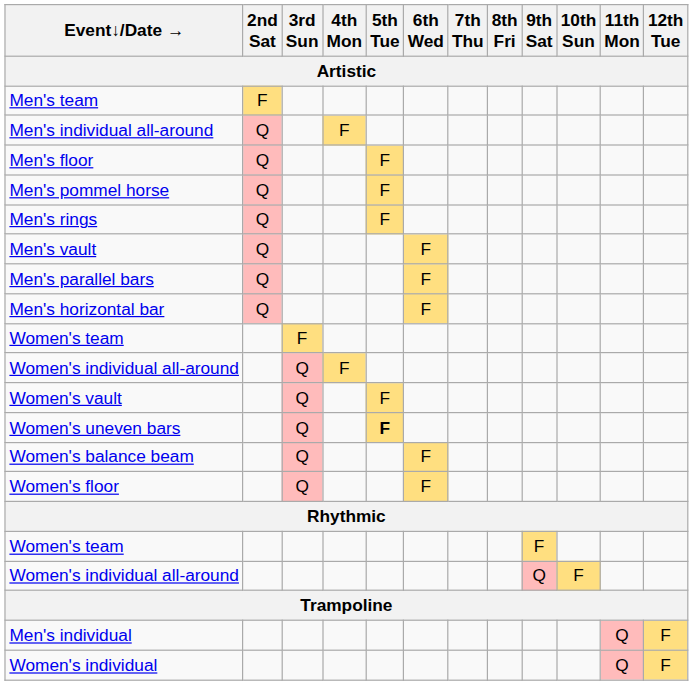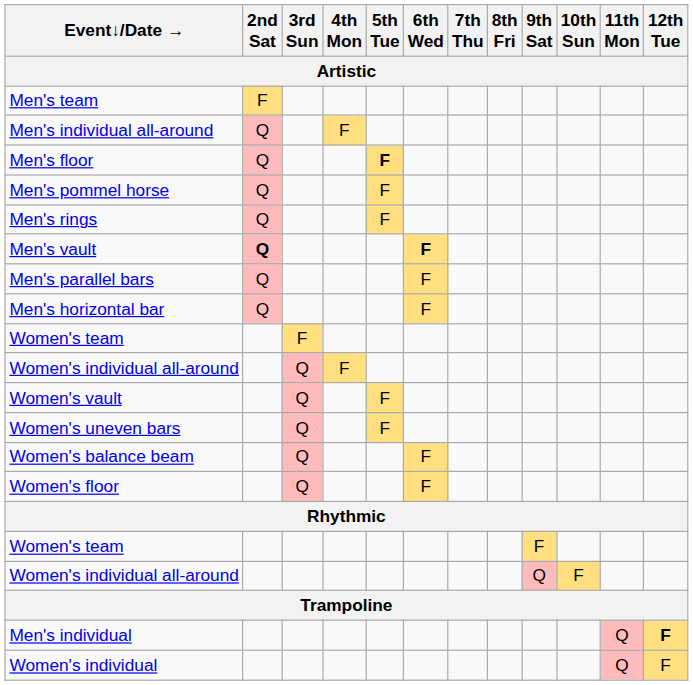 <table class="wikitable" style="margin:0.5em auto; font-size:90%; line-height:1.25em; text-align:center;">
 <tr>
 <th>Event↓/Date →</th>
 <th>2nd<br>Sat</th>
 <th>3rd<br>Sun</th>
 <th>4th<br>Mon</th>
 <th>5th<br>Tue</th>
 <th>6th<br>Wed</th>
 <th>7th<br>Thu</th>
 <th>8th<br>Fri</th>
 <th>9th<br>Sat</th>
 <th>10th<br>Sun</th>
 <th>11th<br>Mon</th>
 <th>12th<br>Tue</th>
 </tr>
 <tr>
 <th colspan=12>Artistic</th>
 </tr>
 <tr>
 <td align="left"><a href='#'>Men's team</a></td>
 <td bgcolor="#FFDF80">F</td>
 <td></td>
 <td></td>
 <td></td>
 <td></td>
 <td></td>
 <td></td>
 <td></td>
 <td></td>
 <td></td>
 <td></td>
 </tr>
 <tr>
 <td align="left"><a href='#'>Men's individual all-around</a></td>
 <td bgcolor="#FFBBBB">Q</td>
 <td></td>
 <td bgcolor="#FFDF80">F</td>
 <td></td>
 <td></td>
 <td></td>
 <td></td>
 <td></td>
 <td></td>
 <td></td>
 <td></td>
 </tr>
 <tr>
 <td align="left"><a href='#'>Men's floor</a></td>
 <td bgcolor="#FFBBBB">Q</td>
 <td></td>
 <td></td>
-<td bgcolor="#FFDF80">F</td>
+<td bgcolor="#FFDF80"><strong>F</strong></td>
 <td></td>
 <td></td>
 <td></td>
 <td></td>
 <td></td>
 <td></td>
 <td></td>
 </tr>
 <tr>
 <td align="left"><a href='#'>Men's pommel horse</a></td>
 <td bgcolor="#FFBBBB">Q</td>
 <td></td>
 <td></td>
 <td bgcolor="#FFDF80">F</td>
 <td></td>
 <td></td>
 <td></td>
 <td></td>
 <td></td>
 <td></td>
 <td></td>
 </tr>
 <tr>
 <td align="left"><a href='#'>Men's rings</a></td>
 <td bgcolor="#FFBBBB">Q</td>
 <td></td>
 <td></td>
 <td bgcolor="#FFDF80">F</td>
 <td></td>
 <td></td>
 <td></td>
 <td></td>
 <td></td>
 <td></td>
 <td></td>
 </tr>
 <tr>
 <td align="left"><a href='#'>Men's vault</a></td>
-<td bgcolor="#FFBBBB">Q</td>
+<td bgcolor="#FFBBBB"><strong>Q</strong></td>
 <td></td>
 <td></td>
 <td></td>
-<td bgcolor="#FFDF80">F</td>
+<td bgcolor="#FFDF80"><strong>F</strong></td>
 <td></td>
 <td></td>
 <td></td>
 <td></td>
 <td></td>
 <td></td>
 </tr>
 <tr>
 <td align="left"><a href='#'>Men's parallel bars</a></td>
 <td bgcolor="#FFBBBB">Q</td>
 <td></td>
 <td></td>
 <td></td>
 <td bgcolor="#FFDF80">F</td>
 <td></td>
 <td></td>
 <td></td>
 <td></td>
 <td></td>
 <td></td>
 </tr>
 <tr>
 <td align="left"><a href='#'>Men's horizontal bar</a></td>
 <td bgcolor="#FFBBBB">Q</td>
 <td></td>
 <td></td>
 <td></td>
 <td bgcolor="#FFDF80">F</td>
 <td></td>
 <td></td>
 <td></td>
 <td></td>
 <td></td>
 <td></td>
 </tr>
 <tr>
 <td align="left"><a href='#'>Women's team</a></td>
 <td></td>
 <td bgcolor="#FFDF80">F</td>
 <td></td>
 <td></td>
 <td></td>
 <td></td>
 <td></td>
 <td></td>
 <td></td>
 <td></td>
 <td></td>
 </tr>
 <tr>
 <td align="left"><a href='#'>Women's individual all-around</a></td>
 <td></td>
 <td bgcolor="#FFBBBB">Q</td>
 <td bgcolor="#FFDF80">F</td>
 <td></td>
 <td></td>
 <td></td>
 <td></td>
 <td></td>
 <td></td>
 <td></td>
 <td></td>
 </tr>
 <tr>
 <td align="left"><a href='#'>Women's vault</a></td>
 <td></td>
 <td bgcolor="#FFBBBB">Q</td>
 <td></td>
 <td bgcolor="#FFDF80">F</td>
 <td></td>
 <td></td>
 <td></td>
 <td></td>
 <td></td>
 <td></td>
 <td></td>
 </tr>
 <tr>
 <td align="left"><a href='#'>Women's uneven bars</a></td>
 <td></td>
 <td bgcolor="#FFBBBB">Q</td>
 <td></td>
-<td bgcolor="#FFDF80"><strong>F</strong></td>
+<td bgcolor="#FFDF80">F</td>
 <td></td>
 <td></td>
 <td></td>
 <td></td>
 <td></td>
 <td></td>
 <td></td>
 </tr>
 <tr>
 <td align="left"><a href='#'>Women's balance beam</a></td>
 <td></td>
 <td bgcolor="#FFBBBB">Q</td>
 <td></td>
 <td></td>
 <td bgcolor="#FFDF80">F</td>
 <td></td>
 <td></td>
 <td></td>
 <td></td>
 <td></td>
 <td></td>
 </tr>
 <tr>
 <td align="left"><a href='#'>Women's floor</a></td>
 <td></td>
 <td bgcolor="#FFBBBB">Q</td>
 <td></td>
 <td></td>
 <td bgcolor="#FFDF80">F</td>
 <td></td>
 <td></td>
 <td></td>
 <td></td>
 <td></td>
 <td></td>
 </tr>
 <tr>
 <th colspan=12>Rhythmic</th>
 </tr>
 <tr>
 <td align="left"><a href='#'>Women's team</a></td>
 <td></td>
 <td></td>
 <td></td>
 <td></td>
 <td></td>
 <td></td>
 <td></td>
 <td bgcolor="#FFDF80">F</td>
 <td></td>
 <td></td>
 <td></td>
 </tr>
 <tr>
 <td align="left"><a href='#'>Women's individual all-around</a></td>
 <td></td>
 <td></td>
 <td></td>
 <td></td>
 <td></td>
 <td></td>
 <td></td>
 <td bgcolor="#FFBBBB">Q</td>
 <td bgcolor="#FFDF80">F</td>
 <td></td>
 <td></td>
 </tr>
 <tr>
 <th colspan=12>Trampoline</th>
 </tr>
 <tr>
 <td align="left"><a href='#'>Men's individual</a></td>
 <td></td>
 <td></td>
 <td></td>
 <td></td>
 <td></td>
 <td></td>
 <td></td>
 <td></td>
 <td></td>
 <td bgcolor="#FFBBBB">Q</td>
-<td bgcolor="#FFDF80">F</td>
+<td bgcolor="#FFDF80"><strong>F</strong></td>
 </tr>
 <tr>
 <td align="left"><a href='#'>Women's individual</a></td>
 <td></td>
 <td></td>
 <td></td>
 <td></td>
 <td></td>
 <td></td>
 <td></td>
 <td></td>
 <td></td>
 <td bgcolor="#FFBBBB">Q</td>
 <td bgcolor="#FFDF80">F</td>
 </tr>
 </table>
